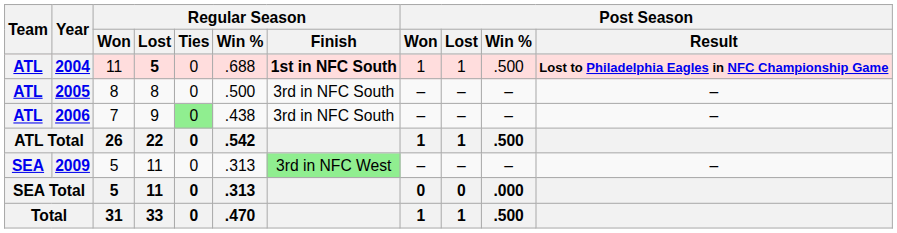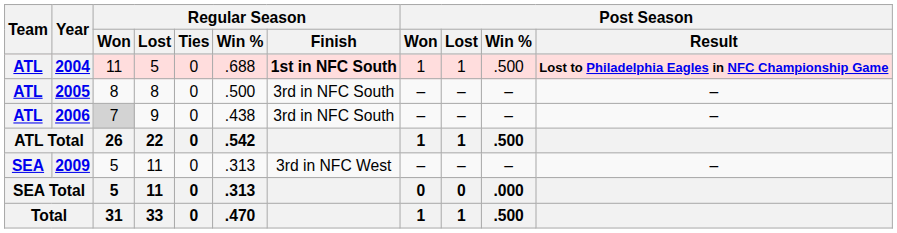 <table class="wikitable" style="font-size: 95%; text-align:center;">
 <tr>
 <th rowspan="2">Team</th>
 <th rowspan="2">Year</th>
 <th colspan="5">Regular Season</th>
 <th colspan="4">Post Season</th>
 </tr>
 <tr>
 <th>Won</th>
 <th>Lost</th>
 <th>Ties</th>
 <th>Win %</th>
 <th>Finish</th>
 <th>Won</th>
 <th>Lost</th>
 <th>Win %</th>
 <th>Result</th>
 </tr>
 <tr ! style="background:#fdd;">
 <th><a href='#'>ATL</a></th>
 <th><a href='#'>2004</a></th>
 <td>11</td>
-<td><strong>5</strong></td>
+<td>5</td>
 <td>0</td>
 <td>.688</td>
 <td><strong>1st in NFC South</strong></td>
 <td>1</td>
 <td>1</td>
 <td>.500</td>
 <td><small><strong>Lost to <a href='#'>Philadelphia Eagles</a> in <a href='#'>NFC Championship Game</a></strong></small></td>
 </tr>
 <tr>
 <th><a href='#'>ATL</a></th>
 <th><a href='#'>2005</a></th>
 <td>8</td>
 <td>8</td>
 <td>0</td>
 <td>.500</td>
 <td>3rd in NFC South</td>
 <td>–</td>
 <td>–</td>
 <td>–</td>
 <td>–</td>
 </tr>
 <tr>
 <th><a href='#'>ATL</a></th>
 <th><a href='#'>2006</a></th>
-<td>7</td>
+<td style="background: lightgrey;">7</td>
 <td>9</td>
-<td style="background: lightgreen;">0</td>
+<td>0</td>
 <td>.438</td>
 <td>3rd in NFC South</td>
 <td>–</td>
 <td>–</td>
 <td>–</td>
 <td>–</td>
 </tr>
 <tr>
 <th colspan="2">ATL Total</th>
 <th>26</th>
 <th>22</th>
 <th>0</th>
 <th>.542</th>
 <th></th>
 <th>1</th>
 <th>1</th>
 <th>.500</th>
 <th></th>
 </tr>
 <tr>
 <th><a href='#'>SEA</a></th>
 <th><a href='#'>2009</a></th>
 <td>5</td>
 <td>11</td>
 <td>0</td>
 <td>.313</td>
-<td style="background: lightgreen;">3rd in NFC West</td>
+<td>3rd in NFC West</td>
 <td>–</td>
 <td>–</td>
 <td>–</td>
 <td>–</td>
 </tr>
 <tr>
 <th colspan="2">SEA Total</th>
 <th>5</th>
 <th>11</th>
 <th>0</th>
 <th>.313</th>
 <th></th>
 <th>0</th>
 <th>0</th>
 <th>.000</th>
 <th></th>
 </tr>
 <tr>
 <th colspan="2">Total</th>
 <th>31</th>
 <th>33</th>
 <th>0</th>
 <th>.470</th>
 <th></th>
 <th>1</th>
 <th>1</th>
 <th>.500</th>
 <th></th>
 </tr>
 </table>
